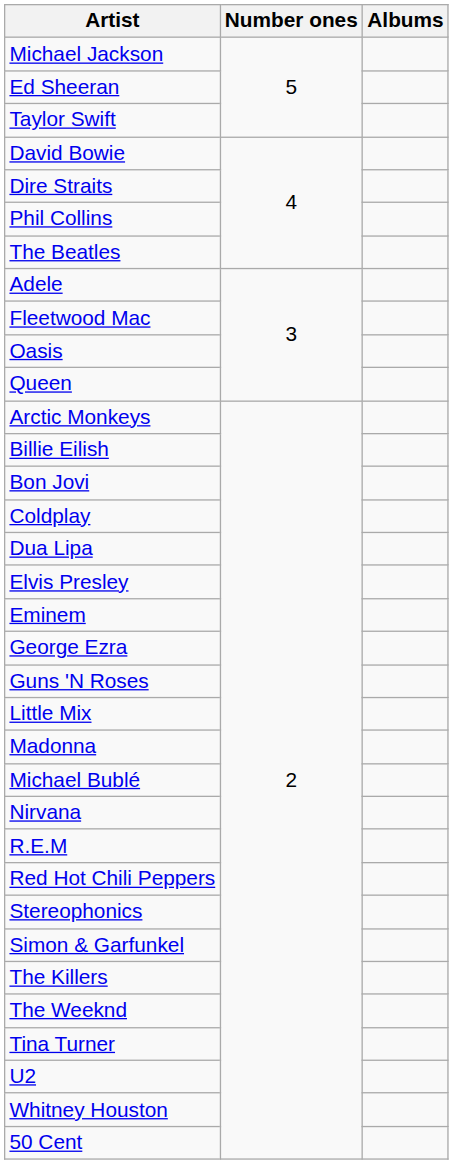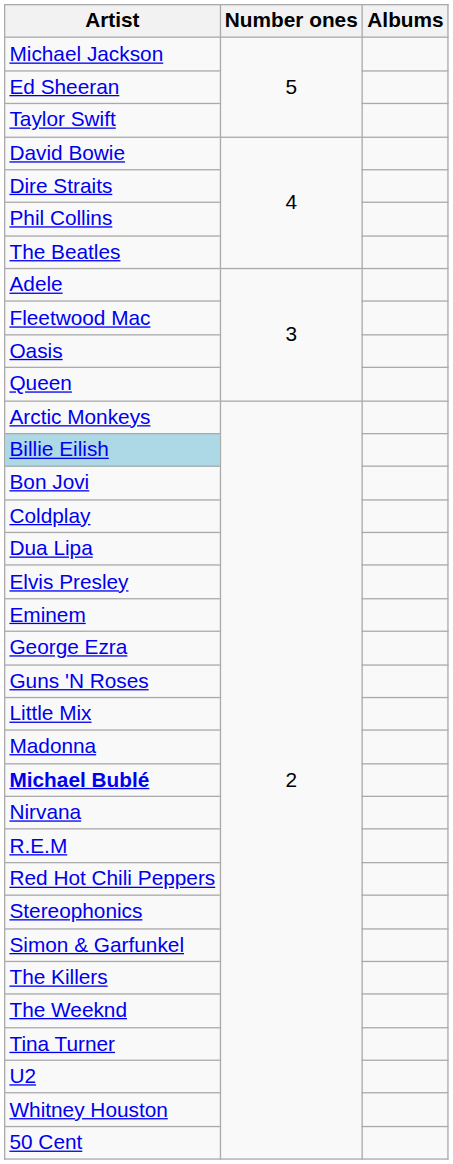 <table class="wikitable sortable" style="text-align:center;">
 <tr>
 <th scope=col>Artist</th>
 <th scope=col>Number ones</th>
 <th scope=col>Albums</th>
 </tr>
 <tr>
 <td align=left><a href='#'>Michael Jackson</a></td>
 <td rowspan="3">5</td>
 <td></td>
 </tr>
 <tr>
 <td align=left><a href='#'>Ed Sheeran</a></td>
 <td></td>
 </tr>
 <tr>
 <td align=left><a href='#'>Taylor Swift</a></td>
 <td></td>
 </tr>
 <tr>
 <td align=left><a href='#'>David Bowie</a></td>
 <td rowspan="4">4</td>
 <td></td>
 </tr>
 <tr>
 <td align=left><a href='#'>Dire Straits</a></td>
 <td></td>
 </tr>
 <tr>
 <td align=left><a href='#'>Phil Collins</a></td>
 <td></td>
 </tr>
 <tr>
 <td align=left><a href='#'>The Beatles</a></td>
 <td></td>
 </tr>
 <tr>
 <td align=left><a href='#'>Adele</a></td>
 <td rowspan="4">3</td>
 <td></td>
 </tr>
 <tr>
 <td align=left><a href='#'>Fleetwood Mac</a></td>
 <td></td>
 </tr>
 <tr>
 <td align=left><a href='#'>Oasis</a></td>
 <td></td>
 </tr>
 <tr>
 <td align=left><a href='#'>Queen</a></td>
 <td></td>
 </tr>
 <tr>
 <td align=left><a href='#'>Arctic Monkeys</a></td>
 <td rowspan="23">2</td>
 <td></td>
 </tr>
 <tr>
-<td align=left><a href='#'>Billie Eilish</a></td>
+<td align=left style="background: lightblue;"><a href='#'>Billie Eilish</a></td>
 <td></td>
 </tr>
 <tr>
 <td align=left><a href='#'>Bon Jovi</a></td>
 <td></td>
 </tr>
 <tr>
 <td align=left><a href='#'>Coldplay</a></td>
 <td></td>
 </tr>
 <tr>
 <td align=left><a href='#'>Dua Lipa</a></td>
 <td></td>
 </tr>
 <tr>
 <td align=left><a href='#'>Elvis Presley</a></td>
 <td></td>
 </tr>
 <tr>
 <td align=left><a href='#'>Eminem</a></td>
 <td></td>
 </tr>
 <tr>
 <td align=left><a href='#'>George Ezra</a></td>
 <td></td>
 </tr>
 <tr>
 <td align=left><a href='#'>Guns 'N Roses</a></td>
 <td></td>
 </tr>
 <tr>
 <td align=left><a href='#'>Little Mix</a></td>
 <td></td>
 </tr>
 <tr>
 <td align=left><a href='#'>Madonna</a></td>
 <td></td>
 </tr>
 <tr>
-<td align=left><a href='#'>Michael Bublé</a></td>
+<td align=left><strong><a href='#'>Michael Bublé</a></strong></td>
 <td></td>
 </tr>
 <tr>
 <td align=left><a href='#'>Nirvana</a></td>
 <td></td>
 </tr>
 <tr>
 <td align=left><a href='#'>R.E.M</a></td>
 <td></td>
 </tr>
 <tr>
 <td align=left><a href='#'>Red Hot Chili Peppers</a></td>
 <td></td>
 </tr>
 <tr>
 <td align=left><a href='#'>Stereophonics</a></td>
 <td></td>
 </tr>
 <tr>
 <td align=left><a href='#'>Simon & Garfunkel</a></td>
 <td></td>
 </tr>
 <tr>
 <td align=left><a href='#'>The Killers</a></td>
 <td></td>
 </tr>
 <tr>
 <td align=left><a href='#'>The Weeknd</a></td>
 <td></td>
 </tr>
 <tr>
 <td align=left><a href='#'>Tina Turner</a></td>
 <td></td>
 </tr>
 <tr>
 <td align=left><a href='#'>U2</a></td>
 <td></td>
 </tr>
 <tr>
 <td align=left><a href='#'>Whitney Houston</a></td>
 <td></td>
 </tr>
 <tr>
 <td align=left><a href='#'>50 Cent</a></td>
 <td></td>
 </tr>
 </table>
